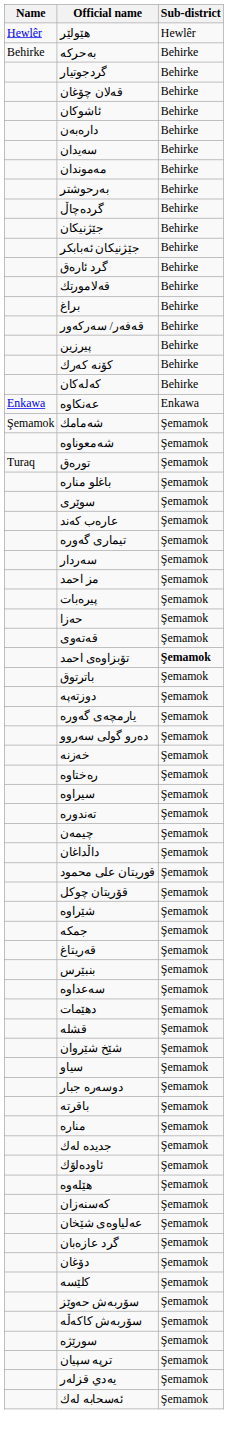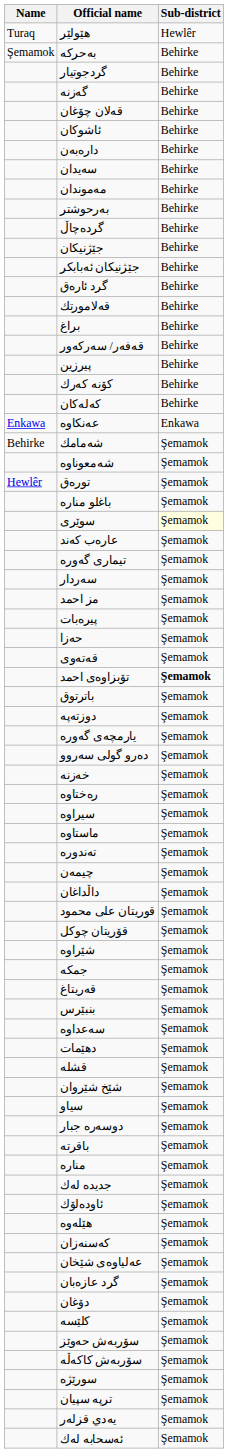 <table class="wikitable sortable">
 <tr>
 <th>Name</th>
 <th>Official name</th>
 <th>Sub-district</th>
 </tr>
 <tr ‌>
-<td><a href='#'>Hewlêr</a></td>
+<td>Turaq</td>
 <td>هێولێر</td>
 <td>Hewlêr</td>
 </tr>
 <tr>
-<td>Behirke</td>
+<td>Şemamok</td>
 <td>به‌حركه‌</td>
 <td>Behirke</td>
 </tr>
 <tr>
 <td></td>
 <td>گردجوتيار</td>
+<td>Behirke</td>
+</tr>
+<tr>
+<td></td>
+<td>گه‌زنه‌</td>
 <td>Behirke</td>
 </tr>
 <tr>
 <td></td>
 <td>قه‌لان چۆغان</td>
 <td>Behirke</td>
 </tr>
 <tr>
 <td></td>
 <td>ئاشوكان</td>
 <td>Behirke</td>
 </tr>
 <tr>
 <td></td>
 <td>داره‌به‌ن</td>
 <td>Behirke</td>
 </tr>
 <tr>
 <td></td>
 <td>سه‌يدان</td>
 <td>Behirke</td>
 </tr>
 <tr>
 <td></td>
 <td>مه‌موندان</td>
 <td>Behirke</td>
 </tr>
 <tr>
 <td></td>
 <td>به‌رحوشتر</td>
 <td>Behirke</td>
 </tr>
 <tr>
 <td></td>
 <td>گرده‌چاڵ</td>
 <td>Behirke</td>
 </tr>
 <tr>
 <td></td>
 <td>جێژنيكان</td>
 <td>Behirke</td>
 </tr>
 <tr>
 <td></td>
 <td>جێژنيكان ئه‌بابكر</td>
 <td>Behirke</td>
 </tr>
 <tr>
 <td></td>
 <td>گرد ئاره‌ق</td>
 <td>Behirke</td>
 </tr>
 <tr>
 <td></td>
 <td>قه‌لامورتك</td>
 <td>Behirke</td>
 </tr>
 <tr>
 <td></td>
 <td>براغ</td>
 <td>Behirke</td>
 </tr>
 <tr>
 <td></td>
 <td>قه‌فه‌ر/ سه‌ركه‌ور</td>
 <td>Behirke</td>
 </tr>
 <tr>
 <td></td>
 <td>پيرزين</td>
 <td>Behirke</td>
 </tr>
 <tr>
 <td></td>
 <td>كۆنه‌ كه‌رك</td>
 <td>Behirke</td>
 </tr>
 <tr>
 <td></td>
 <td>كه‌له‌كان</td>
 <td>Behirke</td>
 </tr>
 <tr>
 <td><a href='#'>Enkawa</a></td>
 <td>عه‌نكاوه‌</td>
 <td>Enkawa</td>
 </tr>
 <tr>
-<td>Şemamok</td>
+<td>Behirke</td>
 <td>شه‌مامك</td>
 <td>Şemamok</td>
 </tr>
 <tr>
 <td></td>
 <td>شه‌معوناوه‌</td>
 <td>Şemamok</td>
 </tr>
 <tr>
-<td>Turaq</td>
+<td><a href='#'>Hewlêr</a></td>
 <td>توره‌ق</td>
 <td>Şemamok</td>
 </tr>
 <tr>
 <td></td>
 <td>باغلو مناره‌</td>
 <td>Şemamok</td>
 </tr>
 <tr>
 <td></td>
 <td>سوێرى</td>
-<td>Şemamok</td>
+<td style="background: lightyellow;">Şemamok</td>
 </tr>
 <tr>
 <td></td>
 <td>عاره‌ب كه‌ند</td>
 <td>Şemamok</td>
 </tr>
 <tr>
 <td></td>
 <td>تيمارى گه‌وره‌</td>
 <td>Şemamok</td>
 </tr>
 <tr>
 <td></td>
 <td>سه‌ردار</td>
 <td>Şemamok</td>
 </tr>
 <tr>
 <td></td>
 <td>مز احمد</td>
 <td>Şemamok</td>
 </tr>
 <tr>
 <td></td>
 <td>پيره‌بات</td>
 <td>Şemamok</td>
 </tr>
 <tr>
 <td></td>
 <td>حه‌زا</td>
 <td>Şemamok</td>
 </tr>
 <tr>
 <td></td>
 <td>قه‌ته‌وى</td>
 <td>Şemamok</td>
 </tr>
 <tr>
 <td></td>
 <td>تۆبزاوه‌ى احمد</td>
 <td><strong>Şemamok</strong></td>
 </tr>
 <tr>
 <td></td>
 <td>باترتوق</td>
 <td>Şemamok</td>
 </tr>
 <tr>
 <td></td>
 <td>دوزته‌په‌</td>
 <td>Şemamok</td>
 </tr>
 <tr>
 <td></td>
 <td>يارمچه‌ى گه‌وره‌</td>
 <td>Şemamok</td>
 </tr>
 <tr>
 <td></td>
 <td>ده‌رو گولى سه‌روو</td>
 <td>Şemamok</td>
 </tr>
 <tr>
 <td></td>
 <td>خه‌زنه‌</td>
 <td>Şemamok</td>
 </tr>
 <tr>
 <td></td>
 <td>ره‌ختاوه‌</td>
 <td>Şemamok</td>
 </tr>
 <tr>
 <td></td>
 <td>سيراوه‌</td>
+<td>Şemamok</td>
+</tr>
+<tr>
+<td></td>
+<td>ماستاوه‌</td>
 <td>Şemamok</td>
 </tr>
 <tr>
 <td></td>
 <td>ته‌ندوره‌</td>
 <td>Şemamok</td>
 </tr>
 <tr>
 <td></td>
 <td>چيمه‌ن</td>
 <td>Şemamok</td>
 </tr>
 <tr>
 <td></td>
 <td>داڵداغان</td>
 <td>Şemamok</td>
 </tr>
 <tr>
 <td></td>
 <td>قوريتان على محمود</td>
 <td>Şemamok</td>
 </tr>
 <tr>
 <td></td>
 <td>قۆريتان چوكل</td>
 <td>Şemamok</td>
 </tr>
 <tr>
 <td></td>
 <td>شێراوه‌</td>
 <td>Şemamok</td>
 </tr>
 <tr>
 <td></td>
 <td>جمكه‌</td>
 <td>Şemamok</td>
 </tr>
 <tr>
 <td></td>
 <td>قه‌ريتاغ</td>
 <td>Şemamok</td>
 </tr>
 <tr>
 <td></td>
 <td>بنبێرس</td>
 <td>Şemamok</td>
 </tr>
 <tr>
 <td></td>
 <td>سه‌عداوه‌</td>
 <td>Şemamok</td>
 </tr>
 <tr>
 <td></td>
 <td>دهێمات</td>
 <td>Şemamok</td>
 </tr>
 <tr>
 <td></td>
 <td>قشله‌</td>
 <td>Şemamok</td>
 </tr>
 <tr>
 <td></td>
 <td>شێخ شێروان</td>
 <td>Şemamok</td>
 </tr>
 <tr>
 <td></td>
 <td>سياو</td>
 <td>Şemamok</td>
 </tr>
 <tr>
 <td></td>
 <td>دوسه‌ره‌ جبار</td>
 <td>Şemamok</td>
 </tr>
 <tr>
 <td></td>
 <td>باقرته‌</td>
 <td>Şemamok</td>
 </tr>
 <tr>
 <td></td>
 <td>مناره‌</td>
 <td>Şemamok</td>
 </tr>
 <tr>
 <td></td>
 <td>جديده‌ له‌ك</td>
 <td>Şemamok</td>
 </tr>
 <tr>
 <td></td>
 <td>ئاوده‌لۆك</td>
 <td>Şemamok</td>
 </tr>
 <tr>
 <td></td>
 <td>هێله‌وه‌</td>
 <td>Şemamok</td>
 </tr>
 <tr>
 <td></td>
 <td>كه‌سنه‌زان</td>
 <td>Şemamok</td>
 </tr>
 <tr>
 <td></td>
 <td>عه‌لياوه‌ى شێخان</td>
 <td>Şemamok</td>
 </tr>
 <tr>
 <td></td>
 <td>گرد عازه‌بان</td>
 <td>Şemamok</td>
 </tr>
 <tr>
 <td></td>
 <td>دۆغان</td>
 <td>Şemamok</td>
 </tr>
 <tr>
 <td></td>
 <td>كلێسه‌</td>
 <td>Şemamok</td>
 </tr>
 <tr>
 <td></td>
 <td>سۆربه‌ش حه‌وێز</td>
 <td>Şemamok</td>
 </tr>
 <tr>
 <td></td>
 <td>سۆربه‌ش كاكه‌ڵه‌</td>
 <td>Şemamok</td>
 </tr>
 <tr>
 <td></td>
 <td>سورێژه‌</td>
 <td>Şemamok</td>
 </tr>
 <tr>
 <td></td>
 <td>ترپه‌ سپيان</td>
 <td>Şemamok</td>
 </tr>
 <tr>
 <td></td>
 <td>يه‌دي قزله‌ر</td>
 <td>Şemamok</td>
 </tr>
 <tr>
 <td></td>
 <td>ئه‌سحابه‌ له‌ك</td>
 <td>Şemamok</td>
 </tr>
 </table>
